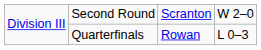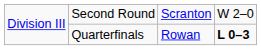 <table class="wikitable">
 <tr>
 <td rowspan="5"><a href='#'>Division III</a></td>
 <td>Second Round</td>
 <td><a href='#'>Scranton</a></td>
 <td>W 2–0</td>
 </tr>
 <tr>
 <td>Quarterfinals</td>
 <td><a href='#'>Rowan</a></td>
-<td>L 0–3</td>
+<td><strong>L 0–3</strong></td>
 </tr>
 </table>
